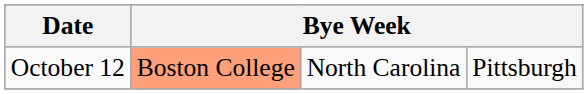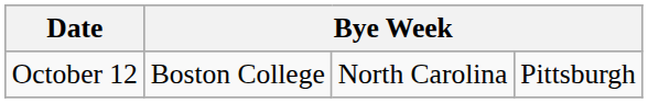 <table class="wikitable" style="font-size:95%;">
 <tr>
 <th>Date</th>
 <th colspan="3">Bye Week</th>
 </tr>
 <tr>
 <td>October 12</td>
-<td style="background: lightsalmon;">Boston College</td>
+<td>Boston College</td>
 <td>North Carolina</td>
 <td>Pittsburgh</td>
 </tr>
 </table>
